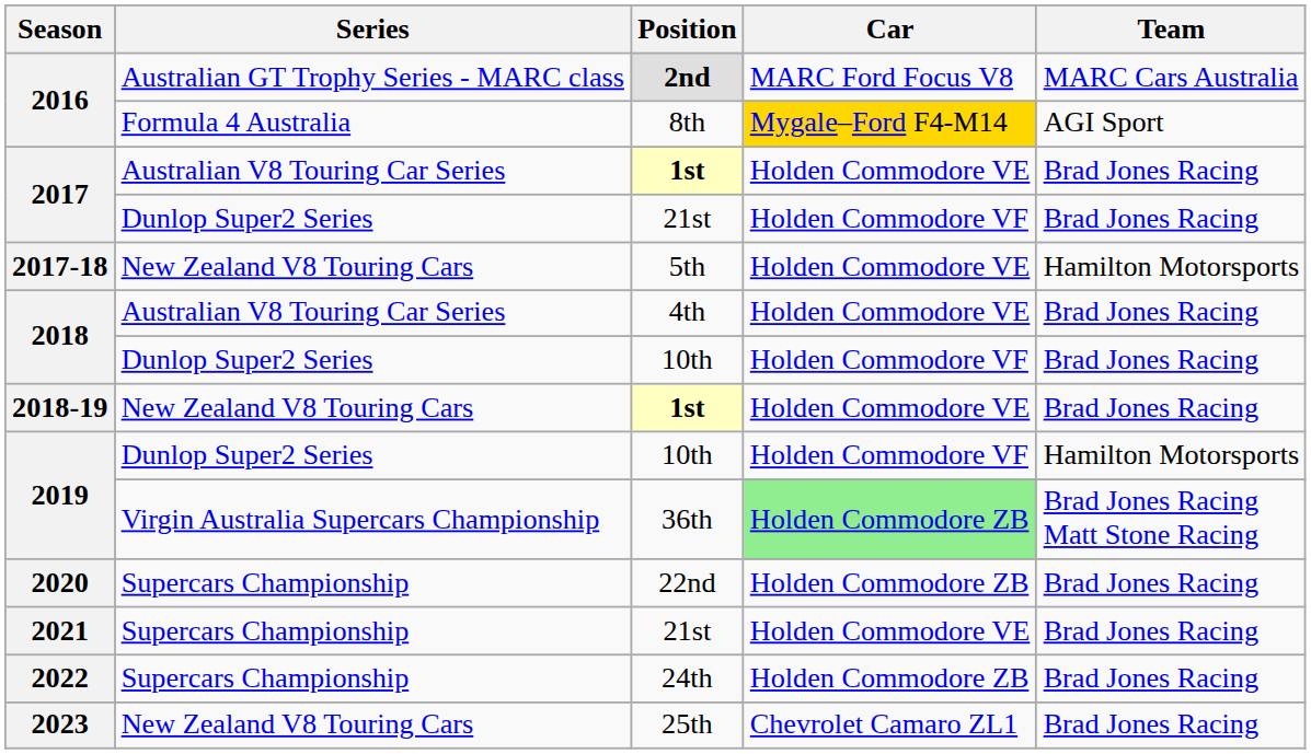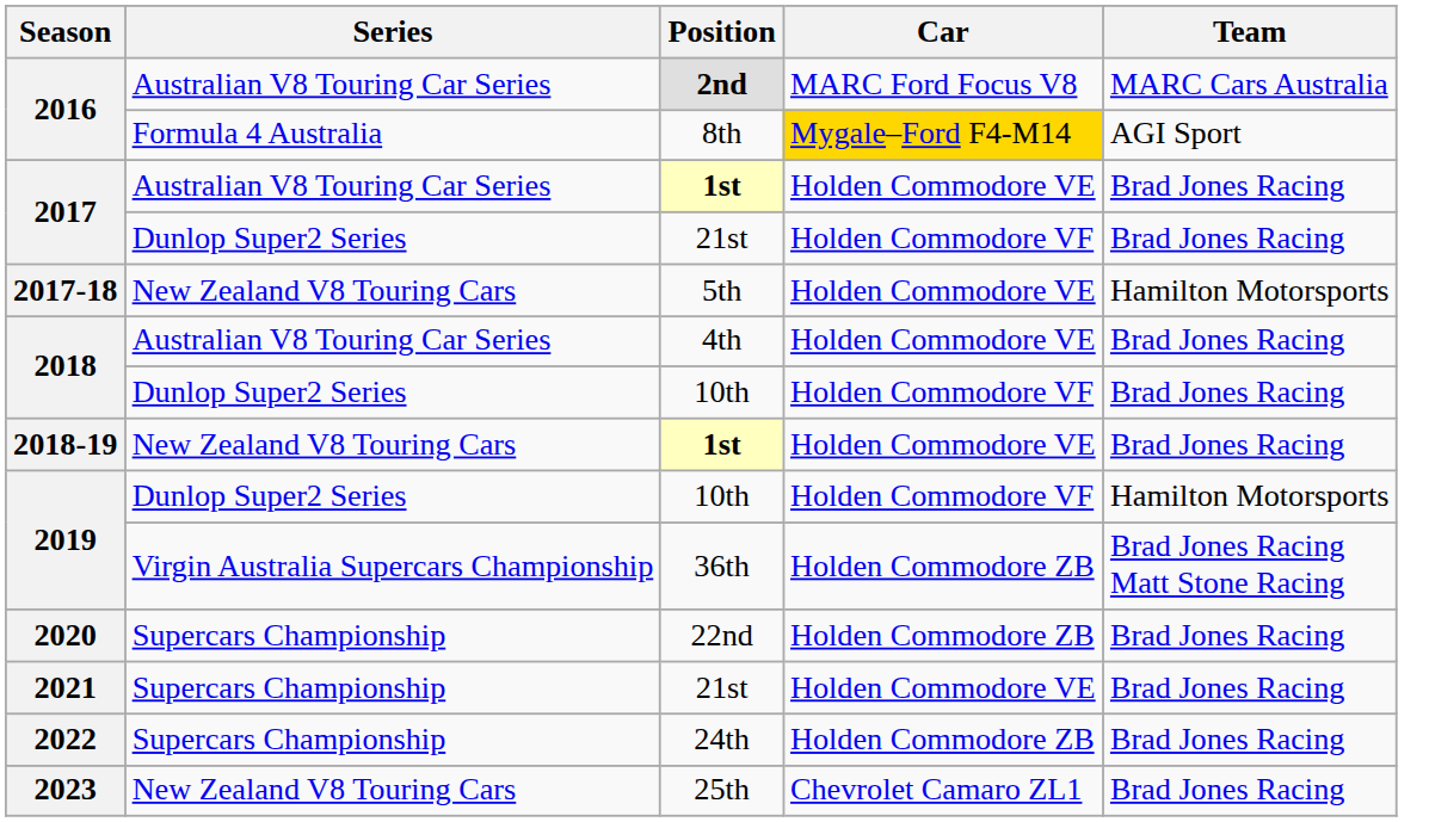 <table class="wikitable" style="font-size: 90%;">
 <tr>
 <th>Season</th>
 <th>Series</th>
 <th>Position</th>
 <th>Car</th>
 <th>Team</th>
 </tr>
 <tr>
 <th rowspan=2>2016</th>
-<td><a href='#'>Australian GT Trophy Series - MARC class</a></td>
+<td><a href='#'>Australian V8 Touring Car Series</a></td>
 <td align="center" style="background:#dfdfdf"><strong>2nd</strong></td>
 <td><a href='#'>MARC Ford Focus V8</a></td>
 <td><a href='#'>MARC Cars Australia</a></td>
 </tr>
 <tr>
 <td><a href='#'>Formula 4 Australia</a></td>
 <td align="center">8th</td>
 <td style="background: gold;"><a href='#'>Mygale</a>–<a href='#'>Ford</a> F4-M14</td>
 <td>AGI Sport</td>
 </tr>
 <tr>
 <th rowspan=2>2017</th>
 <td><a href='#'>Australian V8 Touring Car Series</a></td>
 <td align="center" style="background:#ffffbf"><strong>1st</strong></td>
 <td><a href='#'>Holden Commodore VE</a></td>
 <td><a href='#'>Brad Jones Racing</a></td>
 </tr>
 <tr>
 <td><a href='#'>Dunlop Super2 Series</a></td>
 <td align="center">21st</td>
 <td><a href='#'>Holden Commodore VF</a></td>
 <td><a href='#'>Brad Jones Racing</a></td>
 </tr>
 <tr>
 <th>2017-18</th>
 <td><a href='#'>New Zealand V8 Touring Cars</a></td>
 <td align="center">5th</td>
 <td><a href='#'>Holden Commodore VE</a></td>
 <td>Hamilton Motorsports</td>
 </tr>
 <tr>
 <th rowspan=2>2018</th>
 <td><a href='#'>Australian V8 Touring Car Series</a></td>
 <td align="center">4th</td>
 <td><a href='#'>Holden Commodore VE</a></td>
 <td><a href='#'>Brad Jones Racing</a></td>
 </tr>
 <tr>
 <td><a href='#'>Dunlop Super2 Series</a></td>
 <td align="center">10th</td>
 <td><a href='#'>Holden Commodore VF</a></td>
 <td><a href='#'>Brad Jones Racing</a></td>
 </tr>
 <tr>
 <th>2018-19</th>
 <td><a href='#'>New Zealand V8 Touring Cars</a></td>
 <td align="center" style="background:#ffffbf"><strong>1st</strong></td>
 <td><a href='#'>Holden Commodore VE</a></td>
 <td><a href='#'>Brad Jones Racing</a></td>
 </tr>
 <tr>
 <th rowspan=2>2019</th>
 <td><a href='#'>Dunlop Super2 Series</a></td>
 <td align="center">10th</td>
 <td><a href='#'>Holden Commodore VF</a></td>
 <td>Hamilton Motorsports</td>
 </tr>
 <tr>
 <td><a href='#'>Virgin Australia Supercars Championship</a></td>
 <td align="center">36th</td>
-<td style="background: lightgreen;"><a href='#'>Holden Commodore ZB</a></td>
+<td><a href='#'>Holden Commodore ZB</a></td>
 <td><a href='#'>Brad Jones Racing</a><br><a href='#'>Matt Stone Racing</a></td>
 </tr>
 <tr>
 <th>2020</th>
 <td><a href='#'>Supercars Championship</a></td>
 <td align="center">22nd</td>
 <td><a href='#'>Holden Commodore ZB</a></td>
 <td><a href='#'>Brad Jones Racing</a></td>
 </tr>
 <tr>
 <th>2021</th>
 <td><a href='#'>Supercars Championship</a></td>
 <td align="center">21st</td>
 <td><a href='#'>Holden Commodore VE</a></td>
 <td><a href='#'>Brad Jones Racing</a></td>
 </tr>
 <tr>
 <th>2022</th>
 <td><a href='#'>Supercars Championship</a></td>
 <td align="center">24th</td>
 <td><a href='#'>Holden Commodore ZB</a></td>
 <td><a href='#'>Brad Jones Racing</a></td>
 </tr>
 <tr>
 <th>2023</th>
 <td><a href='#'>New Zealand V8 Touring Cars</a></td>
 <td align="center">25th</td>
 <td><a href='#'>Chevrolet Camaro ZL1</a></td>
 <td><a href='#'>Brad Jones Racing</a></td>
 </tr>
 </table>
